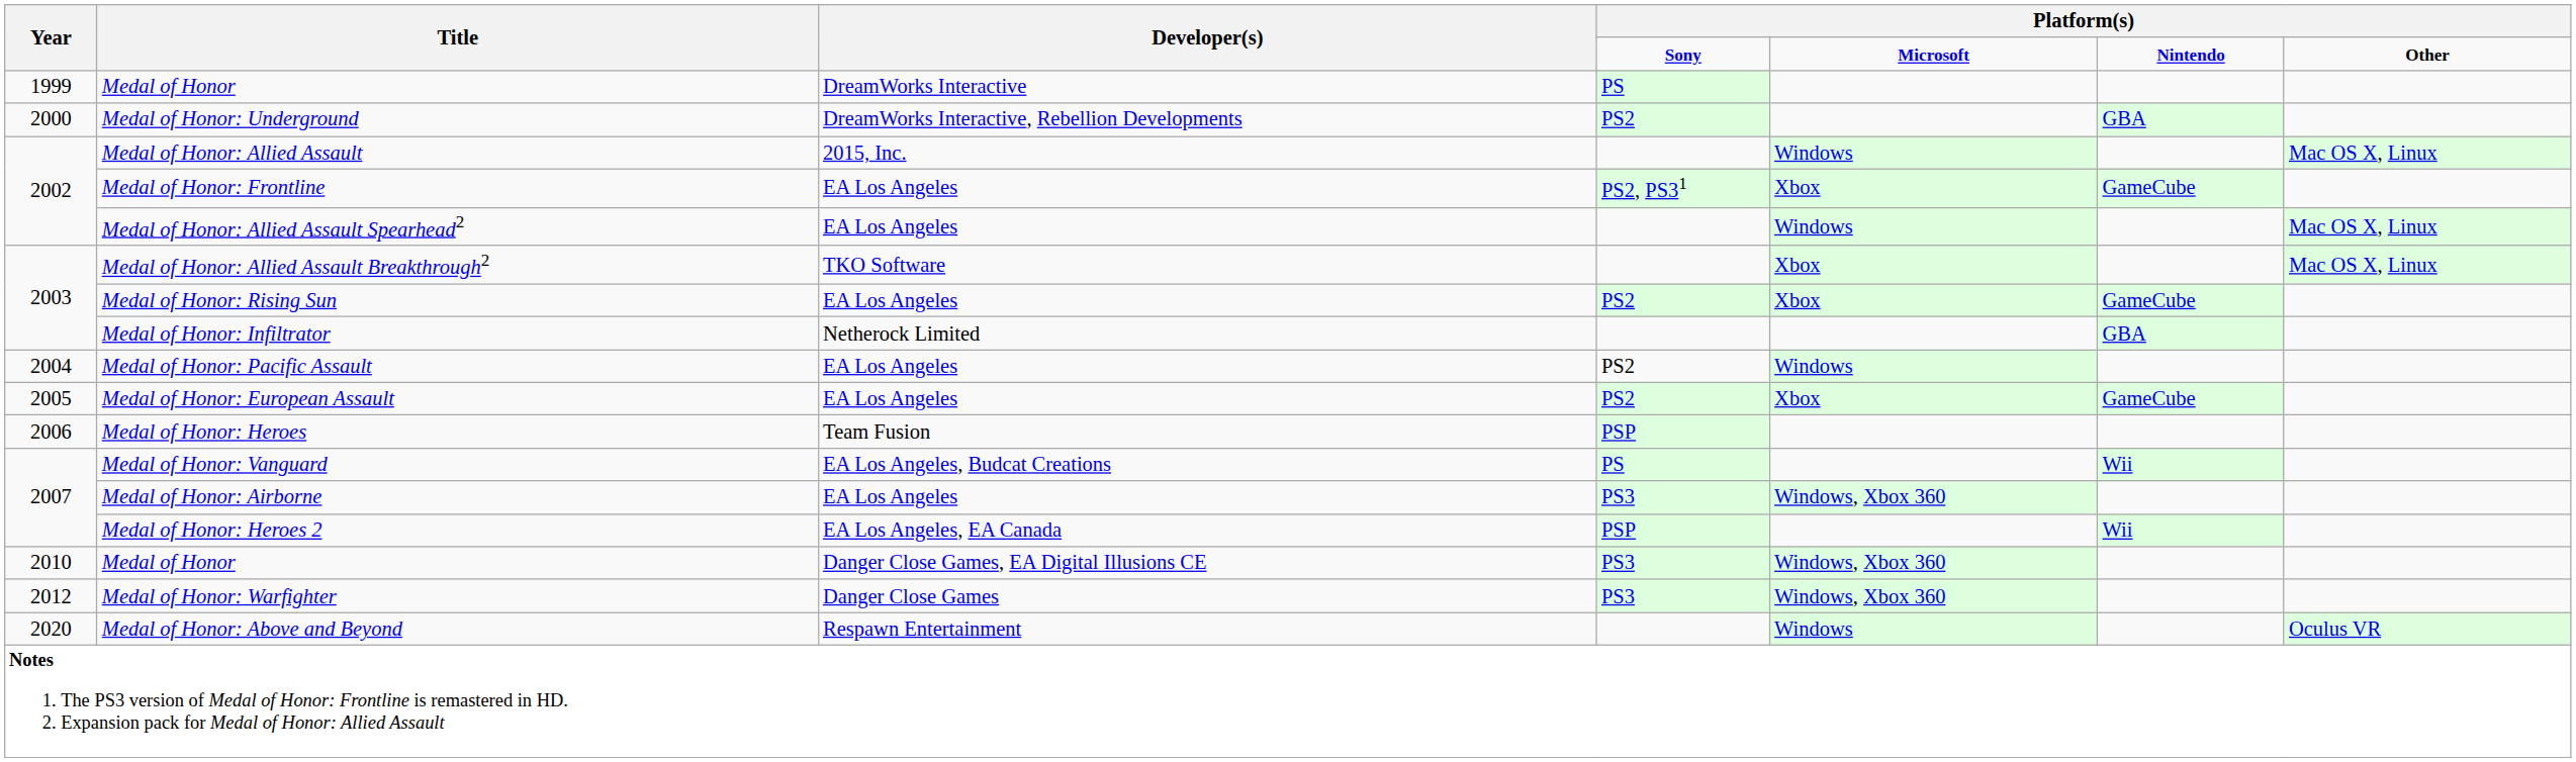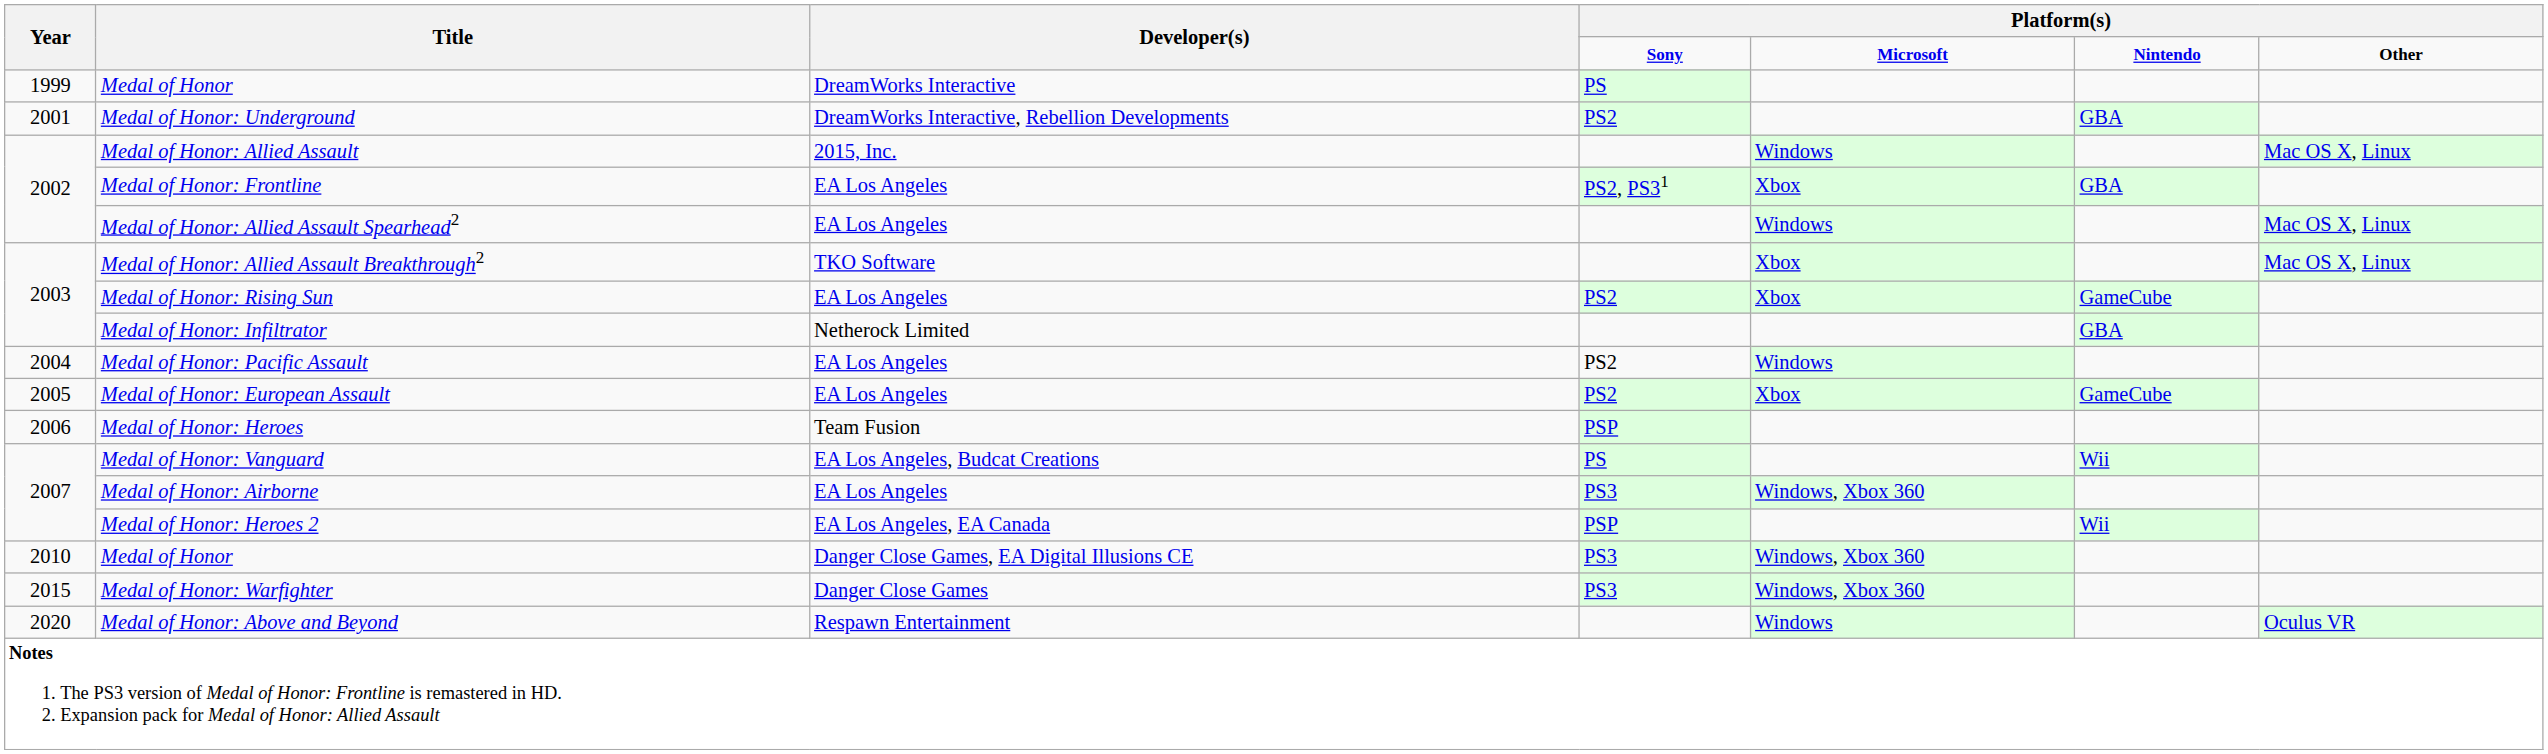 <table class="wikitable" style="width:100%;">
 <tr>
 <th rowspan="2">Year</th>
 <th rowspan="2">Title</th>
 <th rowspan="2">Developer(s)</th>
 <th colspan="4">Platform(s)</th>
 </tr>
 <tr style="text-align:center;">
 <td><small><strong><a href='#'>Sony</a></strong></small></td>
 <td><small><strong><a href='#'>Microsoft</a></strong></small></td>
 <td><small><strong><a href='#'>Nintendo</a></strong></small></td>
 <td><small><strong>Other</strong></small></td>
 </tr>
 <tr>
 <td style="text-align:center;">1999</td>
 <td><em><a href='#'>Medal of Honor</a></em></td>
 <td><a href='#'>DreamWorks Interactive</a></td>
 <td style="background:#dfd;"><a href='#'>PS</a></td>
 <td></td>
 <td></td>
 <td></td>
 </tr>
 <tr>
-<td style="text-align:center;">2000</td>
+<td style="text-align:center;">2001</td>
 <td><em><a href='#'>Medal of Honor: Underground</a></em></td>
 <td><a href='#'>DreamWorks Interactive</a>, <a href='#'>Rebellion Developments</a></td>
 <td style="background:#dfd;"><a href='#'>PS2</a></td>
 <td></td>
 <td style="background:#dfd;"><a href='#'>GBA</a></td>
 <td></td>
 </tr>
 <tr>
 <td rowspan="3" style="text-align:center;">2002</td>
 <td><em><a href='#'>Medal of Honor: Allied Assault</a></em></td>
 <td><a href='#'>2015, Inc.</a></td>
 <td></td>
 <td style="background:#dfd;"><a href='#'>Windows</a></td>
 <td></td>
 <td style="background:#dfd;"><a href='#'>Mac OS X</a>, <a href='#'>Linux</a></td>
 </tr>
 <tr>
 <td><em><a href='#'>Medal of Honor: Frontline</a></em></td>
 <td><a href='#'>EA Los Angeles</a></td>
 <td style="background:#dfd;"><a href='#'>PS2</a>, <a href='#'>PS3</a><sup>1</sup></td>
 <td style="background:#dfd;"><a href='#'>Xbox</a></td>
-<td style="background:#dfd;"><a href='#'>GameCube</a></td>
+<td style="background:#dfd;"><a href='#'>GBA</a></td>
 <td></td>
 </tr>
 <tr>
 <td><em><a href='#'>Medal of Honor: Allied Assault Spearhead</a></em><sup>2</sup></td>
 <td><a href='#'>EA Los Angeles</a></td>
 <td></td>
 <td style="background:#dfd;"><a href='#'>Windows</a></td>
 <td></td>
 <td style="background:#dfd;"><a href='#'>Mac OS X</a>, <a href='#'>Linux</a></td>
 </tr>
 <tr>
 <td rowspan="3" style="text-align:center;">2003</td>
 <td><em><a href='#'>Medal of Honor: Allied Assault Breakthrough</a></em><sup>2</sup></td>
 <td><a href='#'>TKO Software</a></td>
 <td></td>
 <td style="background:#dfd;"><a href='#'>Xbox</a></td>
 <td></td>
 <td style="background:#dfd;"><a href='#'>Mac OS X</a>, <a href='#'>Linux</a></td>
 </tr>
 <tr>
 <td><em><a href='#'>Medal of Honor: Rising Sun</a></em></td>
 <td><a href='#'>EA Los Angeles</a></td>
 <td style="background:#dfd;"><a href='#'>PS2</a></td>
 <td style="background:#dfd;"><a href='#'>Xbox</a></td>
 <td style="background:#dfd;"><a href='#'>GameCube</a></td>
 <td></td>
 </tr>
 <tr>
 <td><em><a href='#'>Medal of Honor: Infiltrator</a></em></td>
 <td>Netherock Limited</td>
 <td></td>
 <td></td>
 <td style="background:#dfd;"><a href='#'>GBA</a></td>
 <td></td>
 </tr>
 <tr>
 <td style="text-align:center;">2004</td>
 <td><em><a href='#'>Medal of Honor: Pacific Assault</a></em></td>
 <td><a href='#'>EA Los Angeles</a></td>
 <td>PS2</td>
 <td style="background:#dfd;"><a href='#'>Windows</a></td>
 <td></td>
 <td></td>
 </tr>
 <tr>
 <td style="text-align:center;">2005</td>
 <td><em><a href='#'>Medal of Honor: European Assault</a></em></td>
 <td><a href='#'>EA Los Angeles</a></td>
 <td style="background:#dfd;"><a href='#'>PS2</a></td>
 <td style="background:#dfd;"><a href='#'>Xbox</a></td>
 <td style="background:#dfd;"><a href='#'>GameCube</a></td>
 <td></td>
 </tr>
 <tr>
 <td style="text-align:center;">2006</td>
 <td><em><a href='#'>Medal of Honor: Heroes</a></em></td>
 <td>Team Fusion</td>
 <td style="background:#dfd;"><a href='#'>PSP</a></td>
 <td></td>
 <td></td>
 <td></td>
 </tr>
 <tr>
 <td rowspan="3" style="text-align:center;">2007</td>
 <td><em><a href='#'>Medal of Honor: Vanguard</a></em></td>
 <td><a href='#'>EA Los Angeles</a>, <a href='#'>Budcat Creations</a></td>
 <td style="background:#dfd;"><a href='#'>PS</a></td>
 <td></td>
 <td style="background:#dfd;"><a href='#'>Wii</a></td>
 <td></td>
 </tr>
 <tr>
 <td><em><a href='#'>Medal of Honor: Airborne</a></em></td>
 <td><a href='#'>EA Los Angeles</a></td>
 <td style="background:#dfd;"><a href='#'>PS3</a></td>
 <td style="background:#dfd;"><a href='#'>Windows</a>, <a href='#'>Xbox 360</a></td>
 <td></td>
 <td></td>
 </tr>
 <tr>
 <td><em><a href='#'>Medal of Honor: Heroes 2</a></em></td>
 <td><a href='#'>EA Los Angeles</a>, <a href='#'>EA Canada</a></td>
 <td style="background:#dfd;"><a href='#'>PSP</a></td>
 <td></td>
 <td style="background:#dfd;"><a href='#'>Wii</a></td>
 <td></td>
 </tr>
 <tr>
 <td style="text-align:center;">2010</td>
 <td><em><a href='#'>Medal of Honor</a></em></td>
 <td><a href='#'>Danger Close Games</a>, <a href='#'>EA Digital Illusions CE</a></td>
 <td style="background:#dfd;"><a href='#'>PS3</a></td>
 <td style="background:#dfd;"><a href='#'>Windows</a>, <a href='#'>Xbox 360</a></td>
 <td></td>
 <td></td>
 </tr>
 <tr>
-<td style="text-align:center;">2012</td>
+<td style="text-align:center;">2015</td>
 <td><em><a href='#'>Medal of Honor: Warfighter</a></em></td>
 <td><a href='#'>Danger Close Games</a></td>
 <td style="background:#dfd;"><a href='#'>PS3</a></td>
 <td style="background:#dfd;"><a href='#'>Windows</a>, <a href='#'>Xbox 360</a></td>
 <td></td>
 <td></td>
 </tr>
 <tr>
 <td style="text-align:center;">2020</td>
 <td><em><a href='#'>Medal of Honor: Above and Beyond</a></em></td>
 <td><a href='#'>Respawn Entertainment</a></td>
 <td></td>
 <td style="background:#dfd;"><a href='#'>Windows</a></td>
 <td></td>
 <td style="background:#dfd;"><a href='#'>Oculus VR</a></td>
 </tr>
 <tr>
 <td colspan="11"  style="font-size:90%; background:#fff;"><strong>Notes</strong><br><ol><li>The PS3 version of <em>Medal of Honor: Frontline</em> is remastered in HD.</li><li>Expansion pack for <em>Medal of Honor: Allied Assault</em></li></ol></td>
 </tr>
 </table>
